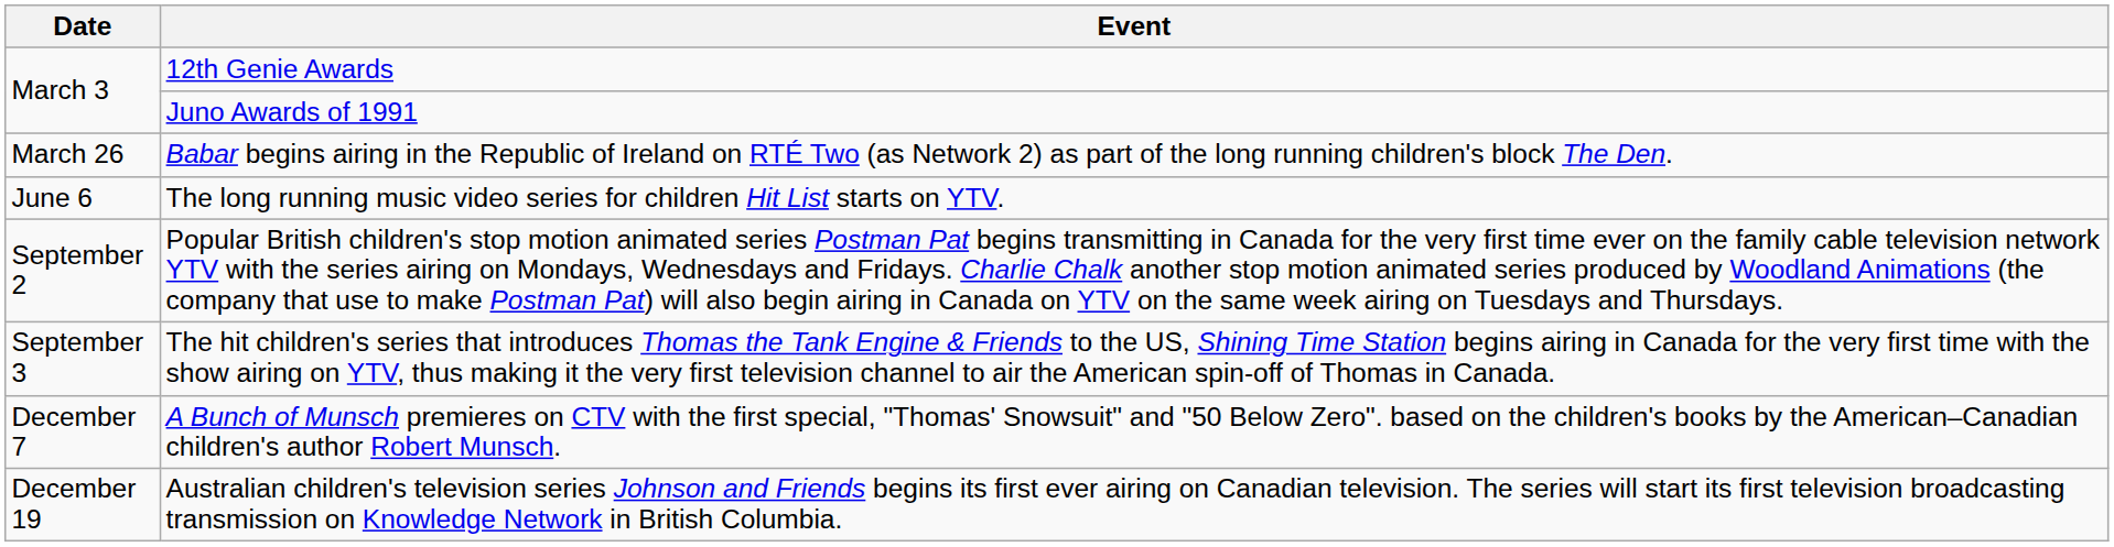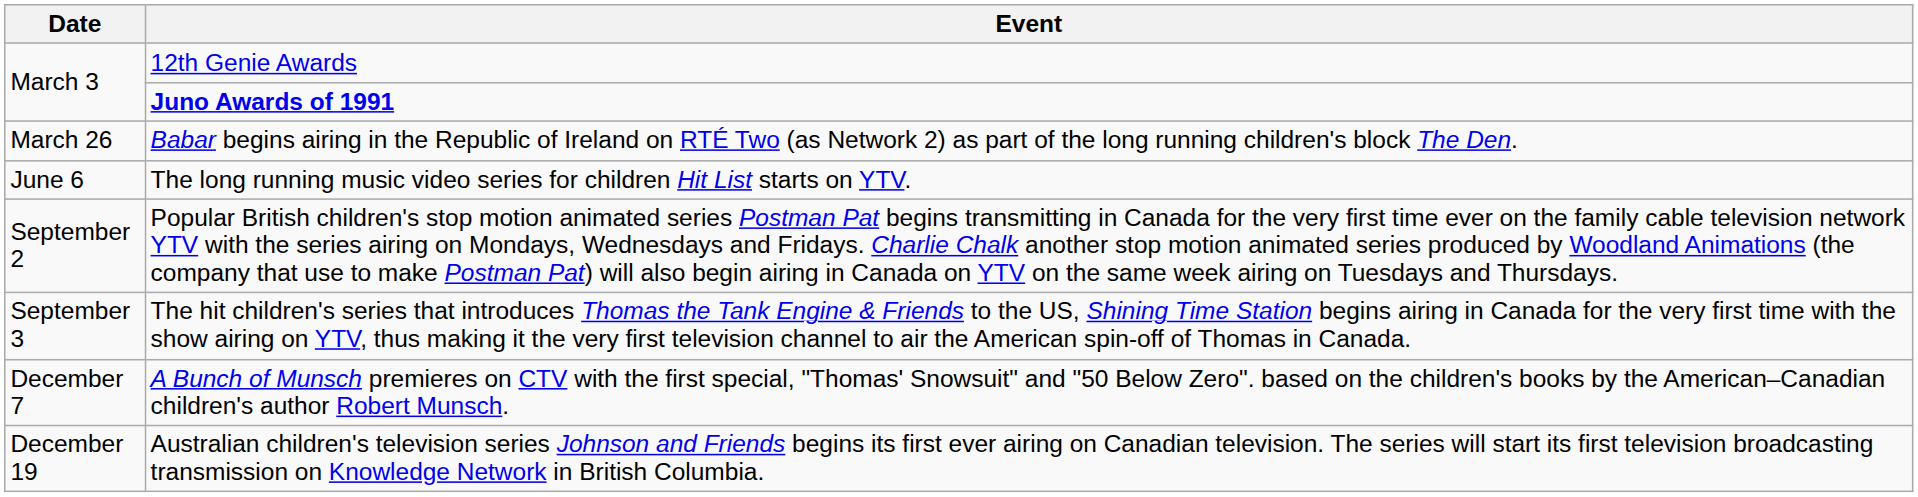 <table class="wikitable">
 <tr>
 <th>Date</th>
 <th>Event</th>
 </tr>
 <tr>
 <td rowspan="2">March 3</td>
 <td><a href='#'>12th Genie Awards</a></td>
 </tr>
 <tr>
-<td><a href='#'>Juno Awards of 1991</a></td>
+<td><strong><a href='#'>Juno Awards of 1991</a></strong></td>
 </tr>
 <tr>
 <td>March 26</td>
 <td><em><a href='#'>Babar</a></em> begins airing in the Republic of Ireland on <a href='#'>RTÉ Two</a> (as Network 2) as part of the long running children's block <em><a href='#'>The Den</a></em>.</td>
 </tr>
 <tr>
 <td>June 6</td>
 <td>The long running music video series for children <em><a href='#'>Hit List</a></em> starts on <a href='#'>YTV</a>.</td>
 </tr>
 <tr>
 <td>September 2</td>
 <td>Popular British children's stop motion animated series <em><a href='#'>Postman Pat</a></em> begins transmitting in Canada for the very first time ever on the family cable television network <a href='#'>YTV</a> with the series airing on Mondays, Wednesdays and Fridays. <em><a href='#'>Charlie Chalk</a></em> another stop motion animated series produced by <a href='#'>Woodland Animations</a> (the company that use to make <em><a href='#'>Postman Pat</a></em>) will also begin airing in Canada on <a href='#'>YTV</a> on the same week airing on Tuesdays and Thursdays.</td>
 </tr>
 <tr>
 <td>September 3</td>
 <td>The hit children's series that introduces <em><a href='#'>Thomas the Tank Engine & Friends</a></em> to the US, <em><a href='#'>Shining Time Station</a></em> begins airing in Canada for the very first time with the show airing on <a href='#'>YTV</a>, thus making it the very first television channel to air the American spin-off of Thomas in Canada.</td>
 </tr>
 <tr>
 <td>December 7</td>
 <td><em><a href='#'>A Bunch of Munsch</a></em> premieres on <a href='#'>CTV</a> with the first special, "Thomas' Snowsuit" and "50 Below Zero". based on the children's books by the American–Canadian children's author <a href='#'>Robert Munsch</a>.</td>
 </tr>
 <tr>
 <td>December 19</td>
 <td>Australian children's television series <em><a href='#'>Johnson and Friends</a></em> begins its first ever airing on Canadian television. The series will start its first television broadcasting transmission on <a href='#'>Knowledge Network</a> in British Columbia.</td>
 </tr>
 </table>
